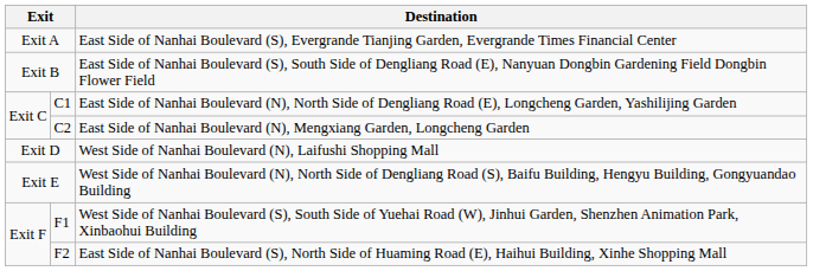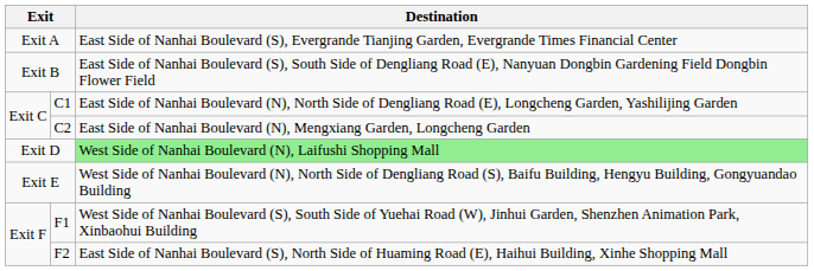 <table class="wikitable">
 <tr>
 <th style="width:70px" colspan="2">Exit</th>
 <th>Destination</th>
 </tr>
 <tr>
 <td align="center" colspan="2">Exit A</td>
 <td>East Side of Nanhai Boulevard (S), Evergrande Tianjing Garden, Evergrande Times Financial Center</td>
 </tr>
 <tr>
 <td align="center" colspan="2">Exit B</td>
 <td>East Side of Nanhai Boulevard (S), South Side of Dengliang Road (E), Nanyuan Dongbin Gardening Field Dongbin Flower Field</td>
 </tr>
 <tr>
 <td align="center" rowspan="2">Exit C</td>
 <td>C1</td>
 <td>East Side of Nanhai Boulevard (N), North Side of Dengliang Road (E), Longcheng Garden, Yashilijing Garden</td>
 </tr>
 <tr>
 <td>C2</td>
 <td>East Side of Nanhai Boulevard (N), Mengxiang Garden, Longcheng Garden</td>
 </tr>
 <tr>
 <td align="center" colspan="2">Exit D</td>
-<td>West Side of Nanhai Boulevard (N), Laifushi Shopping Mall</td>
+<td style="background: lightgreen;">West Side of Nanhai Boulevard (N), Laifushi Shopping Mall</td>
 </tr>
 <tr>
 <td align="center" colspan="2">Exit E</td>
 <td>West Side of Nanhai Boulevard (N), North Side of Dengliang Road (S), Baifu Building, Hengyu Building, Gongyuandao Building</td>
 </tr>
 <tr>
 <td align="center" rowspan="2">Exit F</td>
 <td>F1</td>
 <td>West Side of Nanhai Boulevard (S), South Side of Yuehai Road (W), Jinhui Garden, Shenzhen Animation Park, Xinbaohui Building</td>
 </tr>
 <tr>
 <td>F2</td>
 <td>East Side of Nanhai Boulevard (S), North Side of Huaming Road (E), Haihui Building, Xinhe Shopping Mall</td>
 </tr>
 </table>
